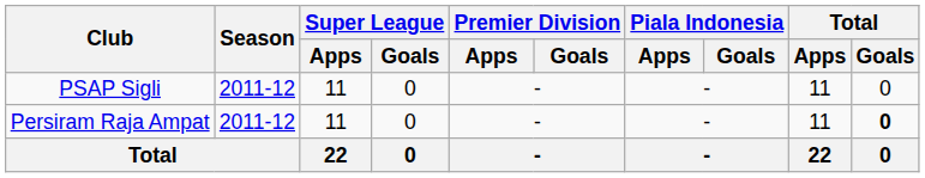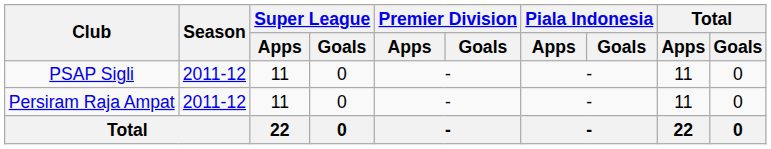 <table class="wikitable" style="font-size:90%; text-align:center;">
 <tr>
 <th rowspan="2">Club</th>
 <th rowspan="2">Season</th>
 <th colspan="2"><a href='#'>Super League</a></th>
 <th colspan="2"><a href='#'>Premier Division</a></th>
 <th colspan="2"><a href='#'>Piala Indonesia</a></th>
 <th colspan="2">Total</th>
 </tr>
 <tr>
 <th>Apps</th>
 <th>Goals</th>
 <th>Apps</th>
 <th>Goals</th>
 <th>Apps</th>
 <th>Goals</th>
 <th>Apps</th>
 <th>Goals</th>
 </tr>
 <tr>
 <td rowspan="1"><a href='#'>PSAP Sigli</a></td>
 <td><a href='#'>2011-12</a></td>
 <td>11</td>
 <td>0</td>
 <td colspan="2">-</td>
 <td colspan="2">-</td>
 <td>11</td>
 <td>0</td>
 </tr>
 <tr>
 <td rowspan="1"><a href='#'>Persiram Raja Ampat</a></td>
 <td><a href='#'>2011-12</a></td>
 <td>11</td>
 <td>0</td>
 <td colspan="2">-</td>
 <td colspan="2">-</td>
 <td>11</td>
-<td><strong>0</strong></td>
+<td>0</td>
 </tr>
 <tr>
 <th colspan="2">Total</th>
 <th>22</th>
 <th>0</th>
 <th colspan="2">-</th>
 <th colspan="2">-</th>
 <th>22</th>
 <th>0</th>
 </tr>
 </table>
